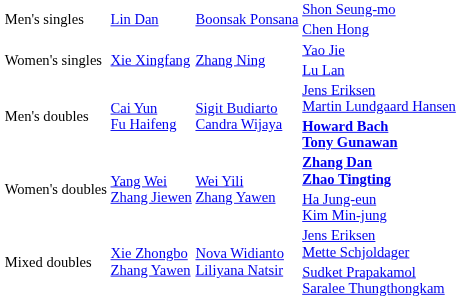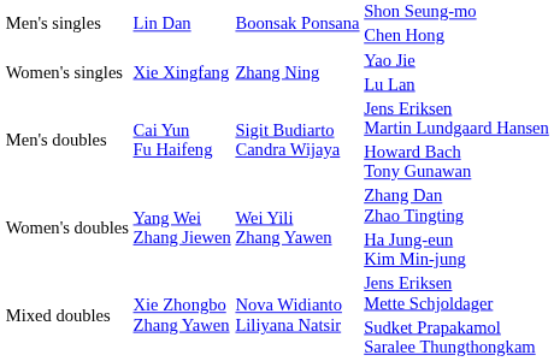 <table>
 <tr>
 <td rowspan=2>Men's singles</td>
 <td rowspan=2> <a href='#'>Lin Dan</a></td>
 <td rowspan=2> <a href='#'>Boonsak Ponsana</a></td>
 <td> <a href='#'>Shon Seung-mo</a></td>
 </tr>
 <tr>
 <td> <a href='#'>Chen Hong</a></td>
 </tr>
 <tr>
 <td rowspan=2>Women's singles</td>
 <td rowspan=2> <a href='#'>Xie Xingfang</a></td>
 <td rowspan=2> <a href='#'>Zhang Ning</a></td>
 <td> <a href='#'>Yao Jie</a></td>
 </tr>
 <tr>
 <td> <a href='#'>Lu Lan</a></td>
 </tr>
 <tr>
 <td rowspan=2>Men's doubles</td>
 <td rowspan=2> <a href='#'>Cai Yun</a><br> <a href='#'>Fu Haifeng</a></td>
 <td rowspan=2> <a href='#'>Sigit Budiarto</a><br> <a href='#'>Candra Wijaya</a></td>
 <td> <a href='#'>Jens Eriksen</a><br> <a href='#'>Martin Lundgaard Hansen</a></td>
 </tr>
 <tr>
-<td><strong> <a href='#'>Howard Bach</a><br> <a href='#'>Tony Gunawan</a></strong></td>
+<td> <a href='#'>Howard Bach</a><br> <a href='#'>Tony Gunawan</a></td>
 </tr>
 <tr>
 <td rowspan=2>Women's doubles</td>
 <td rowspan=2> <a href='#'>Yang Wei</a><br> <a href='#'>Zhang Jiewen</a></td>
 <td rowspan=2> <a href='#'>Wei Yili</a><br> <a href='#'>Zhang Yawen</a></td>
-<td><strong> <a href='#'>Zhang Dan</a><br> <a href='#'>Zhao Tingting</a></strong></td>
+<td> <a href='#'>Zhang Dan</a><br> <a href='#'>Zhao Tingting</a></td>
 </tr>
 <tr>
 <td> <a href='#'>Ha Jung-eun</a><br> <a href='#'>Kim Min-jung</a></td>
 </tr>
 <tr>
 <td rowspan=2>Mixed doubles</td>
 <td rowspan=2> <a href='#'>Xie Zhongbo</a><br> <a href='#'>Zhang Yawen</a></td>
 <td rowspan=2> <a href='#'>Nova Widianto</a><br> <a href='#'>Liliyana Natsir</a></td>
 <td> <a href='#'>Jens Eriksen</a><br> <a href='#'>Mette Schjoldager</a></td>
 </tr>
 <tr>
 <td> <a href='#'>Sudket Prapakamol</a><br> <a href='#'>Saralee Thungthongkam</a></td>
 </tr>
 </table>
